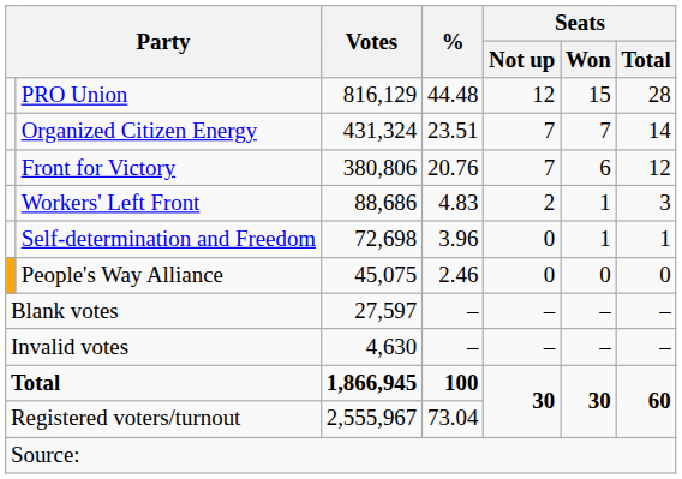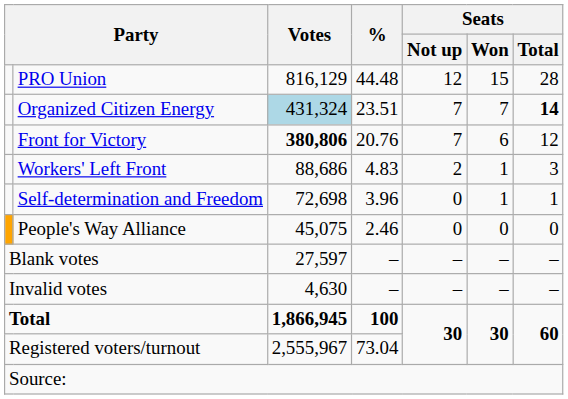 <table class="wikitable" style="text-align:right">
 <tr>
 <th colspan="2" rowspan="2">Party</th>
 <th rowspan="2">Votes</th>
 <th rowspan="2">%</th>
 <th colspan="3">Seats</th>
 </tr>
 <tr>
 <th>Not up</th>
 <th>Won</th>
 <th>Total</th>
 </tr>
 <tr>
 <td bgcolor=></td>
 <td align="left"><a href='#'>PRO Union</a></td>
 <td>816,129</td>
 <td>44.48</td>
 <td>12</td>
 <td>15</td>
 <td>28</td>
 </tr>
 <tr>
 <td bgcolor=></td>
 <td align="left"><a href='#'>Organized Citizen Energy</a></td>
-<td>431,324</td>
+<td style="background: lightblue;">431,324</td>
 <td>23.51</td>
 <td>7</td>
 <td>7</td>
-<td>14</td>
+<td><strong>14</strong></td>
 </tr>
 <tr>
 <td bgcolor=></td>
 <td align="left"><a href='#'>Front for Victory</a></td>
-<td>380,806</td>
+<td><strong>380,806</strong></td>
 <td>20.76</td>
 <td>7</td>
 <td>6</td>
 <td>12</td>
 </tr>
 <tr>
 <td></td>
 <td align="left"><a href='#'>Workers' Left Front</a></td>
 <td>88,686</td>
 <td>4.83</td>
 <td>2</td>
 <td>1</td>
 <td>3</td>
 </tr>
 <tr>
 <td></td>
 <td align="left"><a href='#'>Self-determination and Freedom</a></td>
 <td>72,698</td>
 <td>3.96</td>
 <td>0</td>
 <td>1</td>
 <td>1</td>
 </tr>
 <tr>
 <td bgcolor="orange"></td>
 <td align="left">People's Way Alliance</td>
 <td>45,075</td>
 <td>2.46</td>
 <td>0</td>
 <td>0</td>
 <td>0</td>
 </tr>
 <tr>
 <td colspan="2" align="left">Blank votes</td>
 <td>27,597</td>
 <td>–</td>
 <td>–</td>
 <td>–</td>
 <td>–</td>
 </tr>
 <tr>
 <td colspan="2" align="left">Invalid votes</td>
 <td>4,630</td>
 <td>–</td>
 <td>–</td>
 <td>–</td>
 <td>–</td>
 </tr>
 <tr>
 <td colspan="2" align="left"><strong>Total</strong></td>
 <td><strong>1,866,945</strong></td>
 <td><strong>100</strong></td>
 <td rowspan="2"><strong>30</strong></td>
 <td rowspan="2"><strong>30</strong></td>
 <td rowspan="2"><strong>60</strong></td>
 </tr>
 <tr>
 <td colspan="2" align="left">Registered voters/turnout</td>
 <td>2,555,967</td>
 <td>73.04</td>
 </tr>
 <tr>
 <td colspan="7" align="left">Source: </td>
 </tr>
 </table>
